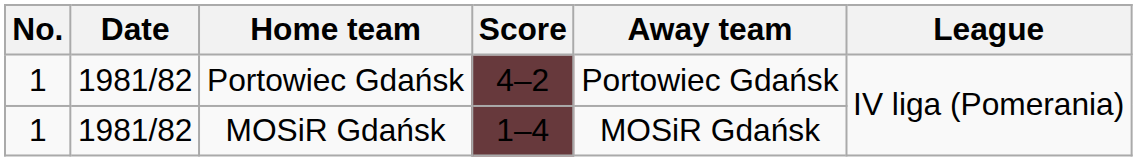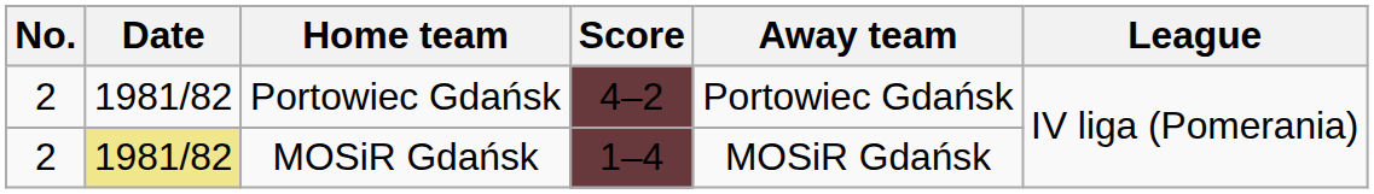 <table class="wikitable" style="text-align: center">
 <tr>
 <th>No.</th>
 <th>Date</th>
 <th>Home team</th>
 <th>Score</th>
 <th>Away team</th>
 <th>League</th>
 </tr>
 <tr>
-<td>1</td>
+<td>2</td>
 <td>1981/82</td>
 <td>Portowiec Gdańsk</td>
 <td bgcolor=67393C><span>4–2</span></td>
 <td>Portowiec Gdańsk</td>
 <td rowspan=2>IV liga (Pomerania)</td>
 </tr>
 <tr>
-<td>1</td>
-<td>1981/82</td>
+<td>2</td>
+<td style="background: khaki;">1981/82</td>
 <td>MOSiR Gdańsk</td>
 <td bgcolor=67393C><span>1–4</span></td>
 <td>MOSiR Gdańsk</td>
 </tr>
 </table>
